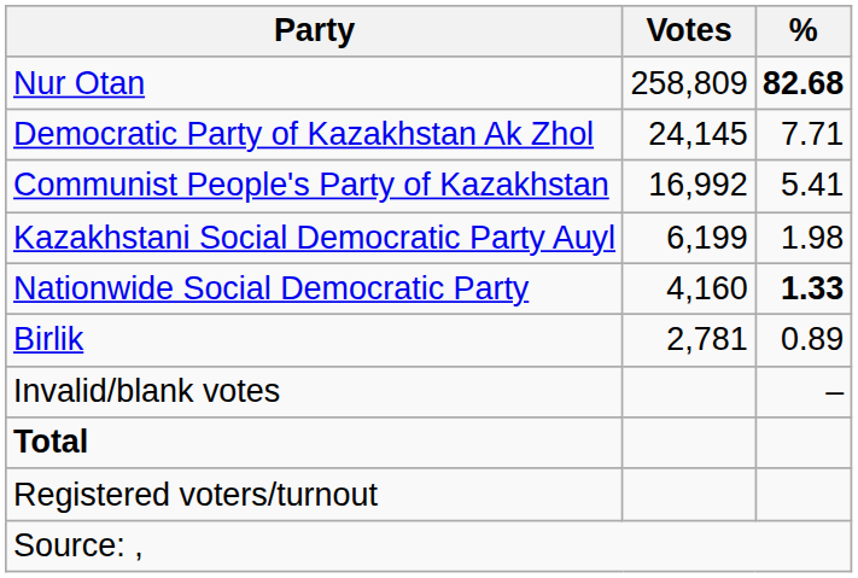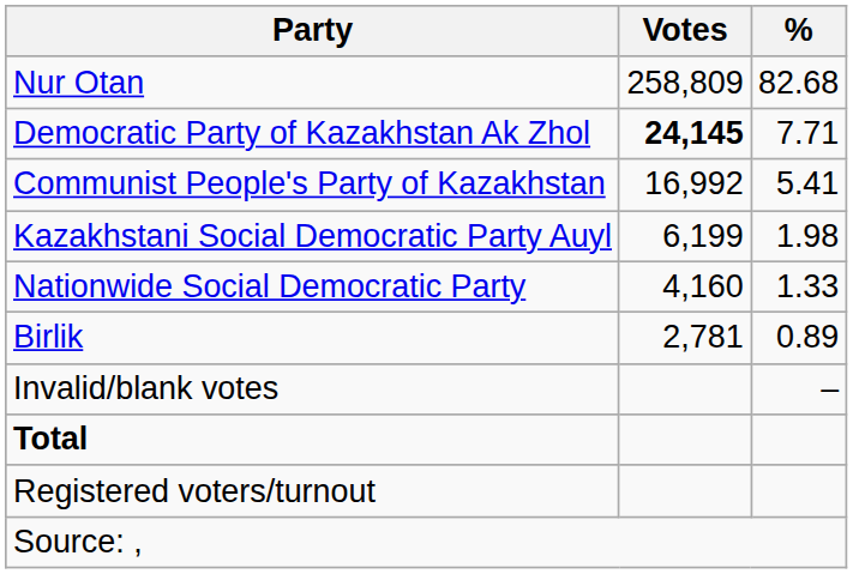 <table class=wikitable style=text-align:right>
 <tr>
 <th>Party</th>
 <th>Votes</th>
 <th>%</th>
 </tr>
 <tr>
 <td align=left><a href='#'>Nur Otan</a></td>
 <td>258,809</td>
-<td><strong>82.68</strong></td>
+<td>82.68</td>
 </tr>
 <tr>
 <td align=left><a href='#'>Democratic Party of Kazakhstan Ak Zhol</a></td>
-<td>24,145</td>
+<td><strong>24,145</strong></td>
 <td>7.71</td>
 </tr>
 <tr>
 <td align=left><a href='#'>Communist People's Party of Kazakhstan</a></td>
 <td>16,992</td>
 <td>5.41</td>
 </tr>
 <tr>
 <td align=left><a href='#'>Kazakhstani Social Democratic Party Auyl</a></td>
 <td>6,199</td>
 <td>1.98</td>
 </tr>
 <tr>
 <td align=left><a href='#'>Nationwide Social Democratic Party</a></td>
 <td>4,160</td>
-<td><strong>1.33</strong></td>
+<td>1.33</td>
 </tr>
 <tr>
 <td align=left><a href='#'>Birlik</a></td>
 <td>2,781</td>
 <td>0.89</td>
 </tr>
 <tr>
 <td align=left>Invalid/blank votes</td>
 <td></td>
 <td>–</td>
 </tr>
 <tr>
 <td align=left><strong>Total</strong></td>
 <td></td>
 <td></td>
 </tr>
 <tr>
 <td align=left>Registered voters/turnout</td>
 <td></td>
 <td></td>
 </tr>
 <tr>
 <td style="text-align:left;" colspan="5">Source: , </td>
 </tr>
 </table>
